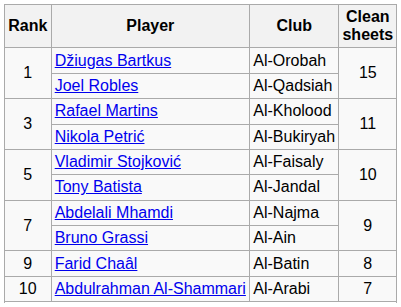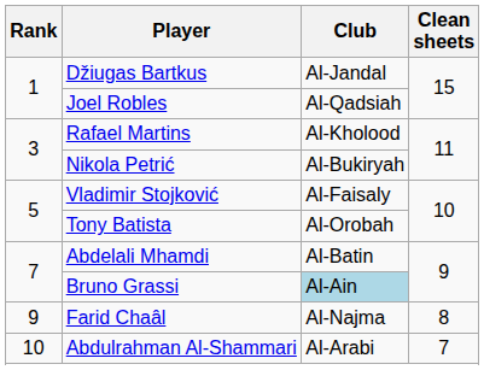 <table class="wikitable" style="text-align:center">
 <tr>
 <th>Rank</th>
 <th>Player</th>
 <th>Club</th>
 <th>Clean<br>sheets</th>
 </tr>
 <tr>
 <td rowspan=2>1</td>
 <td align="left"> <a href='#'>Džiugas Bartkus</a></td>
-<td align="left">Al-Orobah</td>
+<td align="left">Al-Jandal</td>
 <td rowspan=2>15</td>
 </tr>
 <tr>
 <td align="left"> <a href='#'>Joel Robles</a></td>
 <td align="left">Al-Qadsiah</td>
 </tr>
 <tr>
 <td rowspan=2>3</td>
 <td align="left"> <a href='#'>Rafael Martins</a></td>
 <td align="left">Al-Kholood</td>
 <td rowspan=2>11</td>
 </tr>
 <tr>
 <td align="left"> <a href='#'>Nikola Petrić</a></td>
 <td align="left">Al-Bukiryah</td>
 </tr>
 <tr>
 <td rowspan=2>5</td>
 <td align="left"> <a href='#'>Vladimir Stojković</a></td>
 <td align="left">Al-Faisaly</td>
 <td rowspan=2>10</td>
 </tr>
 <tr>
 <td align="left"> <a href='#'>Tony Batista</a></td>
-<td align="left">Al-Jandal</td>
+<td align="left">Al-Orobah</td>
 </tr>
 <tr>
 <td rowspan=2>7</td>
 <td align="left"> <a href='#'>Abdelali Mhamdi</a></td>
-<td align="left">Al-Najma</td>
+<td align="left">Al-Batin</td>
 <td rowspan=2>9</td>
 </tr>
 <tr>
 <td align="left"> <a href='#'>Bruno Grassi</a></td>
-<td align="left">Al-Ain</td>
+<td align="left" style="background: lightblue;">Al-Ain</td>
 </tr>
 <tr>
 <td>9</td>
 <td align="left"> <a href='#'>Farid Chaâl</a></td>
-<td align="left">Al-Batin</td>
+<td align="left">Al-Najma</td>
 <td>8</td>
 </tr>
 <tr>
 <td>10</td>
 <td align="left"> <a href='#'>Abdulrahman Al-Shammari</a></td>
 <td align="left">Al-Arabi</td>
 <td>7</td>
 </tr>
 <tr>
 </tr>
 <tr>
 </tr>
 </table>
